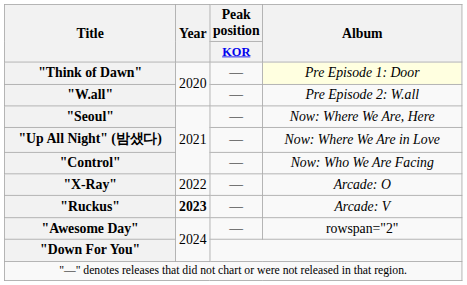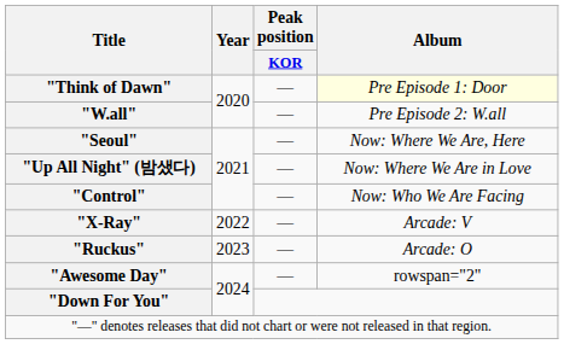 <table class="wikitable plainrowheaders" style="text-align:center;">
 <tr>
 <th scope="col" rowspan="2" style="width:12em;">Title</th>
 <th scope="col" rowspan="2" style="width:2em;">Year</th>
 <th scope="col">Peak position</th>
 <th scope="col" rowspan="2" style="width:14em;">Album</th>
 </tr>
 <tr>
 <th scope="col" style="width:3em;font-size:90%;"><a href='#'>KOR</a><br></th>
 </tr>
 <tr>
 <th scope="row">"Think of Dawn"</th>
 <td rowspan="2">2020</td>
 <td>—</td>
 <td style="background: lightyellow;"><em>Pre Episode 1: Door</em></td>
 </tr>
 <tr>
 <th scope="row">"W.all"</th>
 <td>—</td>
 <td><em>Pre Episode 2: W.all</em></td>
 </tr>
 <tr>
 <th scope="row">"Seoul"</th>
 <td rowspan="3">2021</td>
 <td>—</td>
 <td><em>Now: Where We Are, Here</em></td>
 </tr>
 <tr>
 <th scope="row">"Up All Night" (밤샜다)</th>
 <td>—</td>
 <td><em>Now: Where We Are in Love</em></td>
 </tr>
 <tr>
 <th scope="row">"Control"</th>
 <td>—</td>
 <td><em>Now: Who We Are Facing</em></td>
 </tr>
 <tr>
 <th scope="row">"X-Ray"</th>
 <td>2022</td>
 <td>—</td>
-<td><em>Arcade: O</em></td>
+<td><em>Arcade: V</em></td>
 </tr>
 <tr>
 <th scope="row">"Ruckus"</th>
-<td><strong>2023</strong></td>
+<td>2023</td>
 <td>—</td>
-<td><em>Arcade: V</em></td>
+<td><em>Arcade: O</em></td>
 </tr>
 <tr>
 <th scope="row">"Awesome Day"</th>
 <td rowspan="2">2024</td>
 <td>—</td>
 <td>rowspan="2" </td>
 </tr>
 <tr>
 <th scope="row">"Down For You"</th>
 </tr>
 <tr>
 <td colspan="4" style="font-size:85%;">"—" denotes releases that did not chart or were not released in that region.</td>
 </tr>
 </table>
